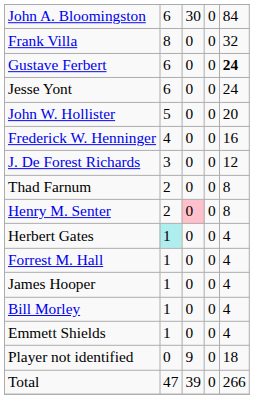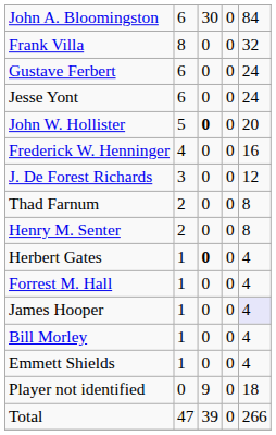 <table class="wikitable">
 <tr>
 </tr>
 <tr>
 <td><a href='#'>John A. Bloomingston</a></td>
 <td>6</td>
 <td>30</td>
 <td>0</td>
 <td>84</td>
 </tr>
 <tr>
 <td><a href='#'>Frank Villa</a></td>
 <td>8</td>
 <td>0</td>
 <td>0</td>
 <td>32</td>
 </tr>
 <tr>
 <td><a href='#'>Gustave Ferbert</a></td>
 <td>6</td>
 <td>0</td>
 <td>0</td>
-<td><strong>24</strong></td>
+<td>24</td>
 </tr>
 <tr>
 <td>Jesse Yont</td>
 <td>6</td>
 <td>0</td>
 <td>0</td>
 <td>24</td>
 </tr>
 <tr>
 <td><a href='#'>John W. Hollister</a></td>
 <td>5</td>
-<td>0</td>
+<td><strong>0</strong></td>
 <td>0</td>
 <td>20</td>
 </tr>
 <tr>
 <td><a href='#'>Frederick W. Henninger</a></td>
 <td>4</td>
 <td>0</td>
 <td>0</td>
 <td>16</td>
 </tr>
 <tr>
 <td><a href='#'>J. De Forest Richards</a></td>
 <td>3</td>
 <td>0</td>
 <td>0</td>
 <td>12</td>
 </tr>
 <tr>
 <td>Thad Farnum</td>
 <td>2</td>
 <td>0</td>
 <td>0</td>
 <td>8</td>
 </tr>
 <tr>
 <td><a href='#'>Henry M. Senter</a></td>
 <td>2</td>
-<td style="background: pink;">0</td>
+<td>0</td>
 <td>0</td>
 <td>8</td>
 </tr>
 <tr>
 <td>Herbert Gates</td>
-<td style="background: paleturquoise;">1</td>
-<td>0</td>
+<td>1</td>
+<td><strong>0</strong></td>
 <td>0</td>
 <td>4</td>
 </tr>
 <tr>
 <td><a href='#'>Forrest M. Hall</a></td>
 <td>1</td>
 <td>0</td>
 <td>0</td>
 <td>4</td>
 </tr>
 <tr>
 <td>James Hooper</td>
 <td>1</td>
 <td>0</td>
 <td>0</td>
-<td>4</td>
+<td style="background: lavender;">4</td>
 </tr>
 <tr>
 <td><a href='#'>Bill Morley</a></td>
 <td>1</td>
 <td>0</td>
 <td>0</td>
 <td>4</td>
 </tr>
 <tr>
 <td>Emmett Shields</td>
 <td>1</td>
 <td>0</td>
 <td>0</td>
 <td>4</td>
 </tr>
 <tr>
 <td>Player not identified</td>
 <td>0</td>
 <td>9</td>
 <td>0</td>
 <td>18</td>
 </tr>
 <tr>
 <td>Total</td>
 <td>47</td>
 <td>39</td>
 <td>0</td>
 <td>266</td>
 </tr>
 <tr>
 </tr>
 </table>
